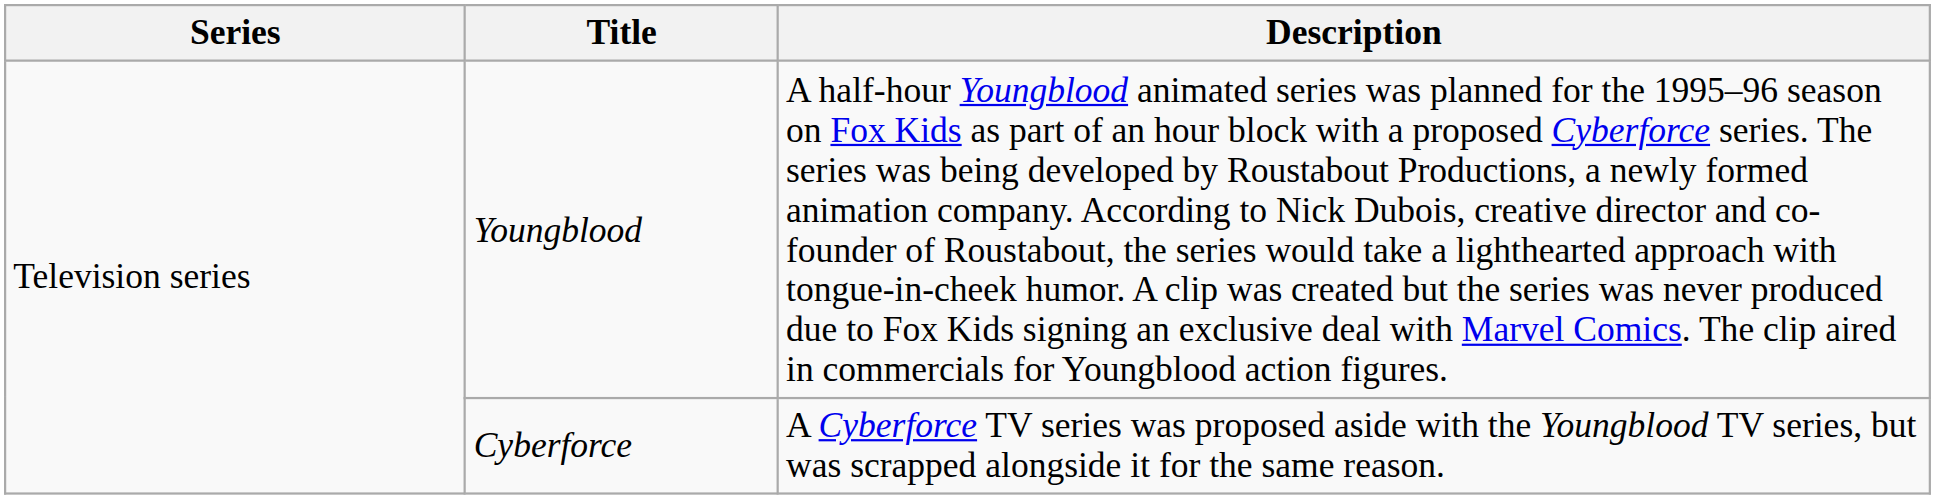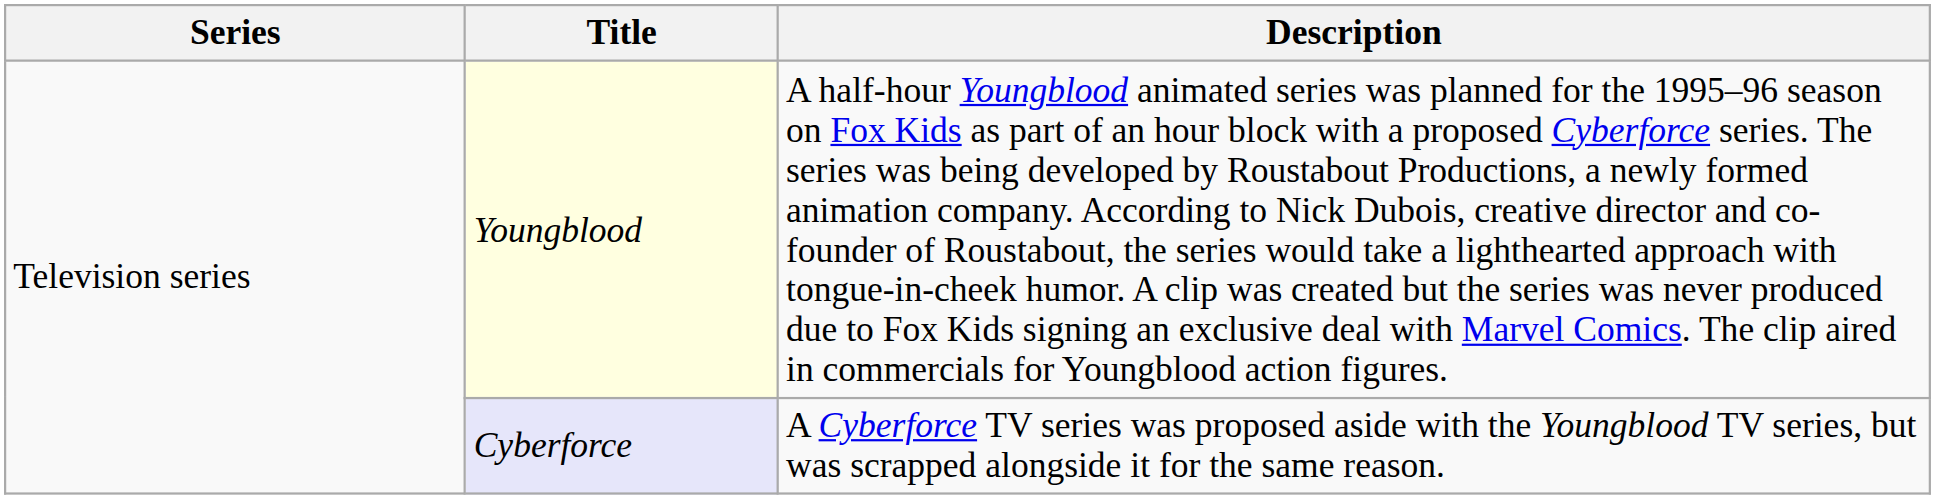 <table class="wikitable">
 <tr>
 <th style="width:150pt;">Series</th>
 <th style="width:100pt;">Title</th>
 <th>Description</th>
 </tr>
 <tr>
 <td rowspan="2">Television series</td>
-<td><em>Youngblood</em></td>
+<td style="background: lightyellow;"><em>Youngblood</em></td>
 <td>A half-hour <em><a href='#'>Youngblood</a></em> animated series was planned for the 1995–96 season on <a href='#'>Fox Kids</a> as part of an hour block with a proposed <em><a href='#'>Cyberforce</a></em> series. The series was being developed by Roustabout Productions, a newly formed animation company. According to Nick Dubois, creative director and co-founder of Roustabout, the series would take a lighthearted approach with tongue-in-cheek humor. A clip was created but the series was never produced due to Fox Kids signing an exclusive deal with <a href='#'>Marvel Comics</a>. The clip aired in commercials for Youngblood action figures.</td>
 </tr>
 <tr>
-<td><em>Cyberforce</em></td>
+<td style="background: lavender;"><em>Cyberforce</em></td>
 <td>A <em><a href='#'>Cyberforce</a></em> TV series was proposed aside with the <em>Youngblood</em> TV series, but was scrapped alongside it for the same reason.</td>
 </tr>
 </table>
